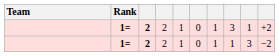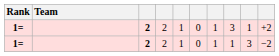 <table class="wikitable" style="text-align:center">
 <tr>
+<th width=30>Rank</th>
 <th width=165 style="text-align:left">Team</th>
-<th width=30>Rank</th>
 <th width=20></th>
 <th width=20></th>
 <th width=20></th>
 <th width=20></th>
 <th width=20></th>
 <th width=20></th>
 <th width=20></th>
 <th width=20></th>
 </tr>
 <tr bgcolor="#ffdddd">
+<td><strong>1=</strong></td>
 <td align="left"></td>
-<td><strong>1=</strong></td>
 <td><strong>2</strong></td>
 <td>2</td>
 <td>1</td>
 <td>0</td>
 <td>1</td>
 <td>3</td>
 <td>1</td>
 <td>+2</td>
 </tr>
 <tr bgcolor="#ffdddd">
+<td><strong>1=</strong></td>
 <td align="left"></td>
-<td><strong>1=</strong></td>
 <td><strong>2</strong></td>
 <td>2</td>
 <td>1</td>
 <td>0</td>
 <td>1</td>
 <td>1</td>
 <td>3</td>
 <td>−2</td>
 </tr>
 </table>
